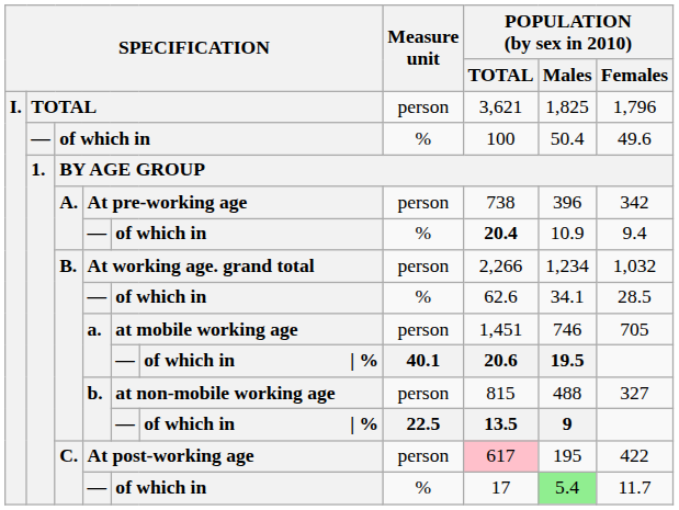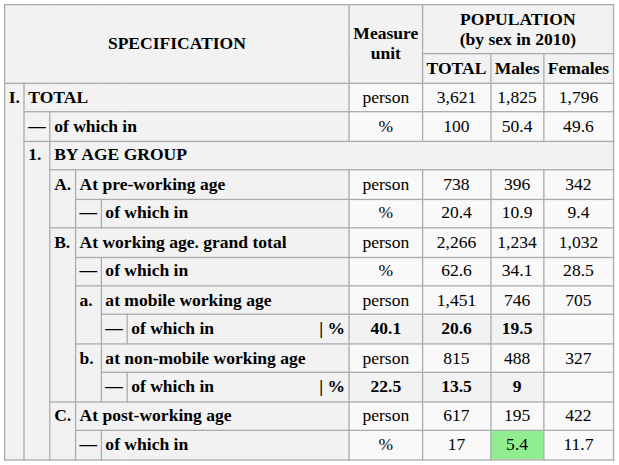 <table class="wikitable" style="font-size:85%; text-align:center">
 <tr>
 <th rowspan="2" colspan="6">SPECIFICATION</th>
 <th rowspan="2">Measure<br> unit</th>
 <th colspan="3" rowspan="1">POPULATION<br> (by sex in 2010)</th>
 </tr>
 <tr>
 <th>TOTAL</th>
 <th>Males</th>
 <th>Females</th>
 </tr>
 <tr>
 <th style="text-align:left" valign="top" rowspan="13">I.</th>
 <th style="text-align:left" colspan="5">TOTAL</th>
 <td>person</td>
 <td>3,621</td>
 <td>1,825</td>
 <td>1,796</td>
 </tr>
 <tr>
 <th style="text-align:left" valign="top">—</th>
 <th style="text-align:left" colspan="4">of which in</th>
 <td>%</td>
 <td>100</td>
 <td>50.4</td>
 <td>49.6</td>
 </tr>
 <tr>
 <th style="text-align:left" valign="top" rowspan="11">1.</th>
 <th style="text-align:left" colspan="19">BY AGE GROUP</th>
 </tr>
 <tr>
 <th style="text-align:left" valign="top" rowspan="2">A.</th>
 <th style="text-align:left" colspan="3">At pre-working age</th>
 <td>person</td>
 <td>738</td>
 <td>396</td>
 <td>342</td>
 </tr>
 <tr>
 <th style="text-align:left" valign="top">—</th>
 <th style="text-align:left" valign="top" colspan="2">of which in</th>
 <td>%</td>
-<td><strong>20.4</strong></td>
+<td>20.4</td>
 <td>10.9</td>
 <td>9.4</td>
 </tr>
 <tr>
 <th style="text-align:left" valign="top" rowspan="6">B.</th>
 <th style="text-align:left" colspan="3">At working age. grand total</th>
 <td>person</td>
 <td>2,266</td>
 <td>1,234</td>
 <td>1,032</td>
 </tr>
 <tr>
 <th style="text-align:left" valign="top">—</th>
 <th style="text-align:left" valign="top" colspan="2">of which in</th>
 <td>%</td>
 <td>62.6</td>
 <td>34.1</td>
 <td>28.5</td>
 </tr>
 <tr>
 <th style="text-align:left" valign="top" rowspan="2">a.</th>
 <th style="text-align:left" colspan="2">at mobile working age</th>
 <td>person</td>
 <td>1,451</td>
 <td>746</td>
 <td>705</td>
 </tr>
 <tr>
 <th style="text-align:left" valign="top">—</th>
 <th style="text-align:left" valign="top" colspan="1">of which in                        | %</th>
 <th>40.1</th>
 <th>20.6</th>
 <th>19.5</th>
 </tr>
 <tr>
 <th style="text-align:left" valign="top" rowspan="2">b.</th>
 <th style="text-align:left" colspan="2">at non-mobile working age</th>
 <td>person</td>
 <td>815</td>
 <td>488</td>
 <td>327</td>
 </tr>
 <tr>
 <th style="text-align:left" valign="top">—</th>
 <th style="text-align:left" valign="top" colspan="1">of which in                        | %</th>
 <th>22.5</th>
 <th>13.5</th>
 <th>9</th>
 </tr>
 <tr>
 <th style="text-align:left" valign="top" rowspan="2">C.</th>
 <th style="text-align:left" colspan="3">At post-working age</th>
 <td>person</td>
-<td style="background: pink;">617</td>
+<td>617</td>
 <td>195</td>
 <td>422</td>
 </tr>
 <tr>
 <th style="text-align:left" valign="top">—</th>
 <th style="text-align:left" valign="top" colspan="2">of which in</th>
 <td>%</td>
 <td>17</td>
 <td style="background: lightgreen;">5.4</td>
 <td>11.7</td>
 </tr>
 </table>
